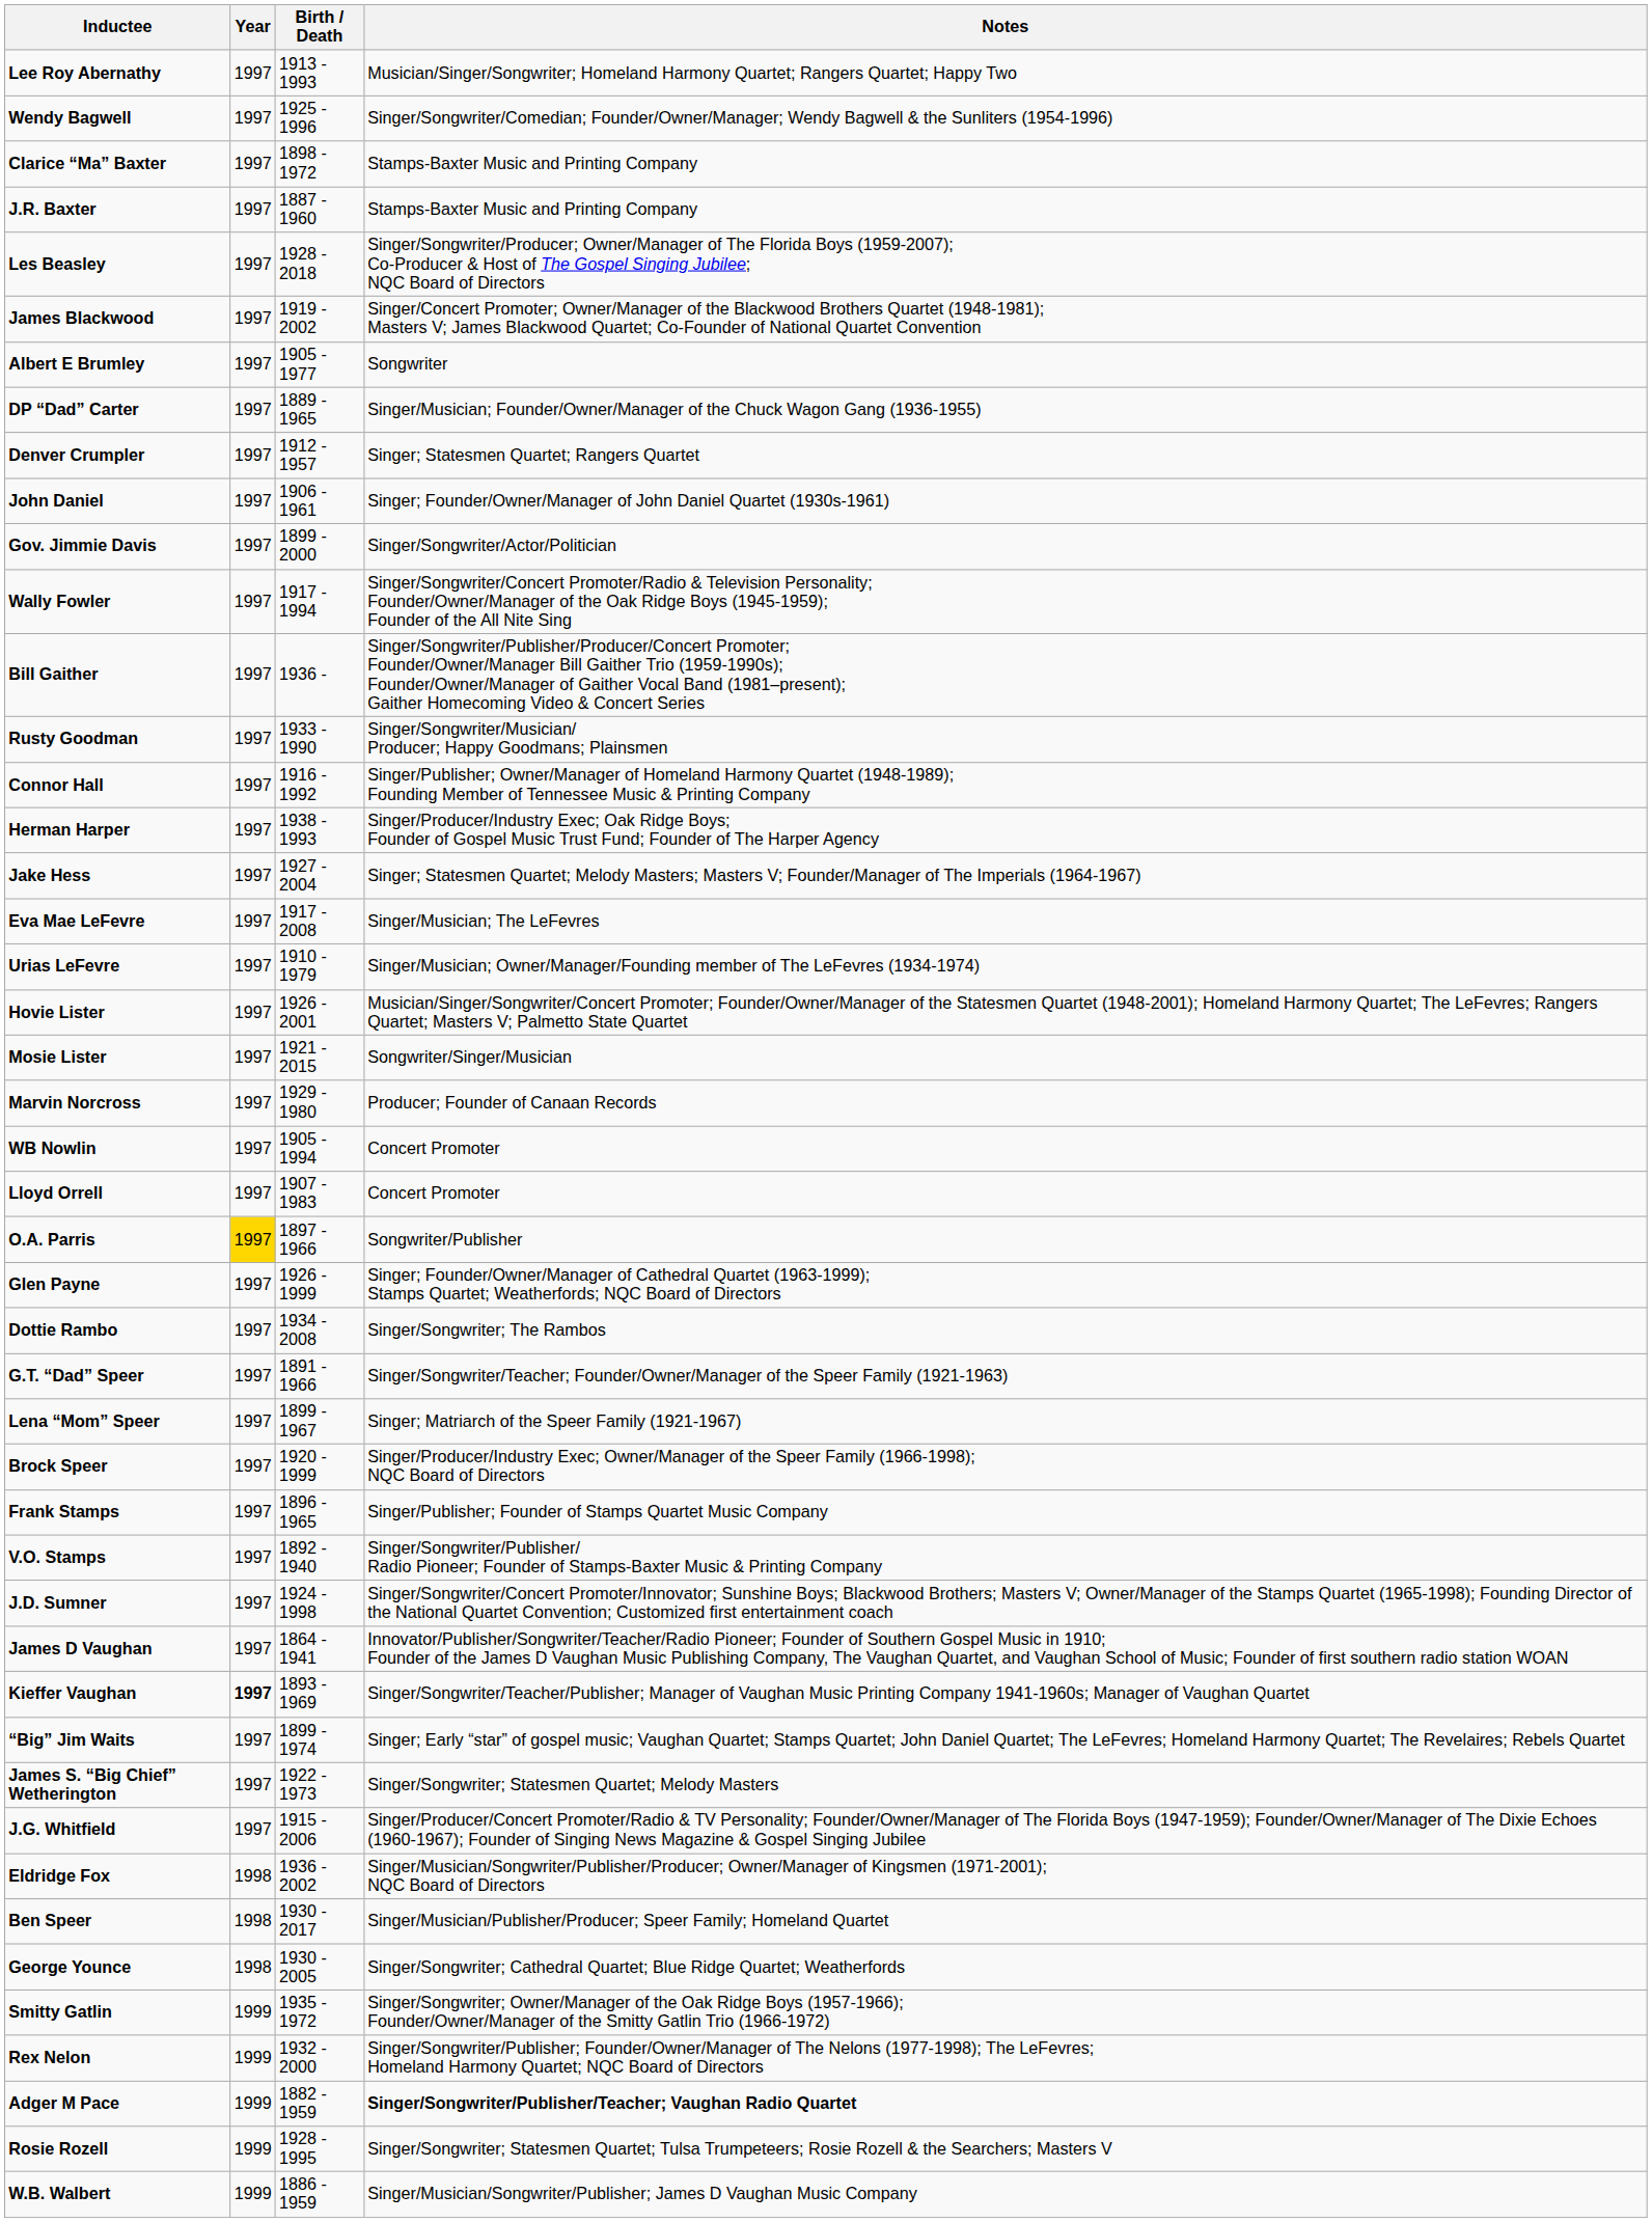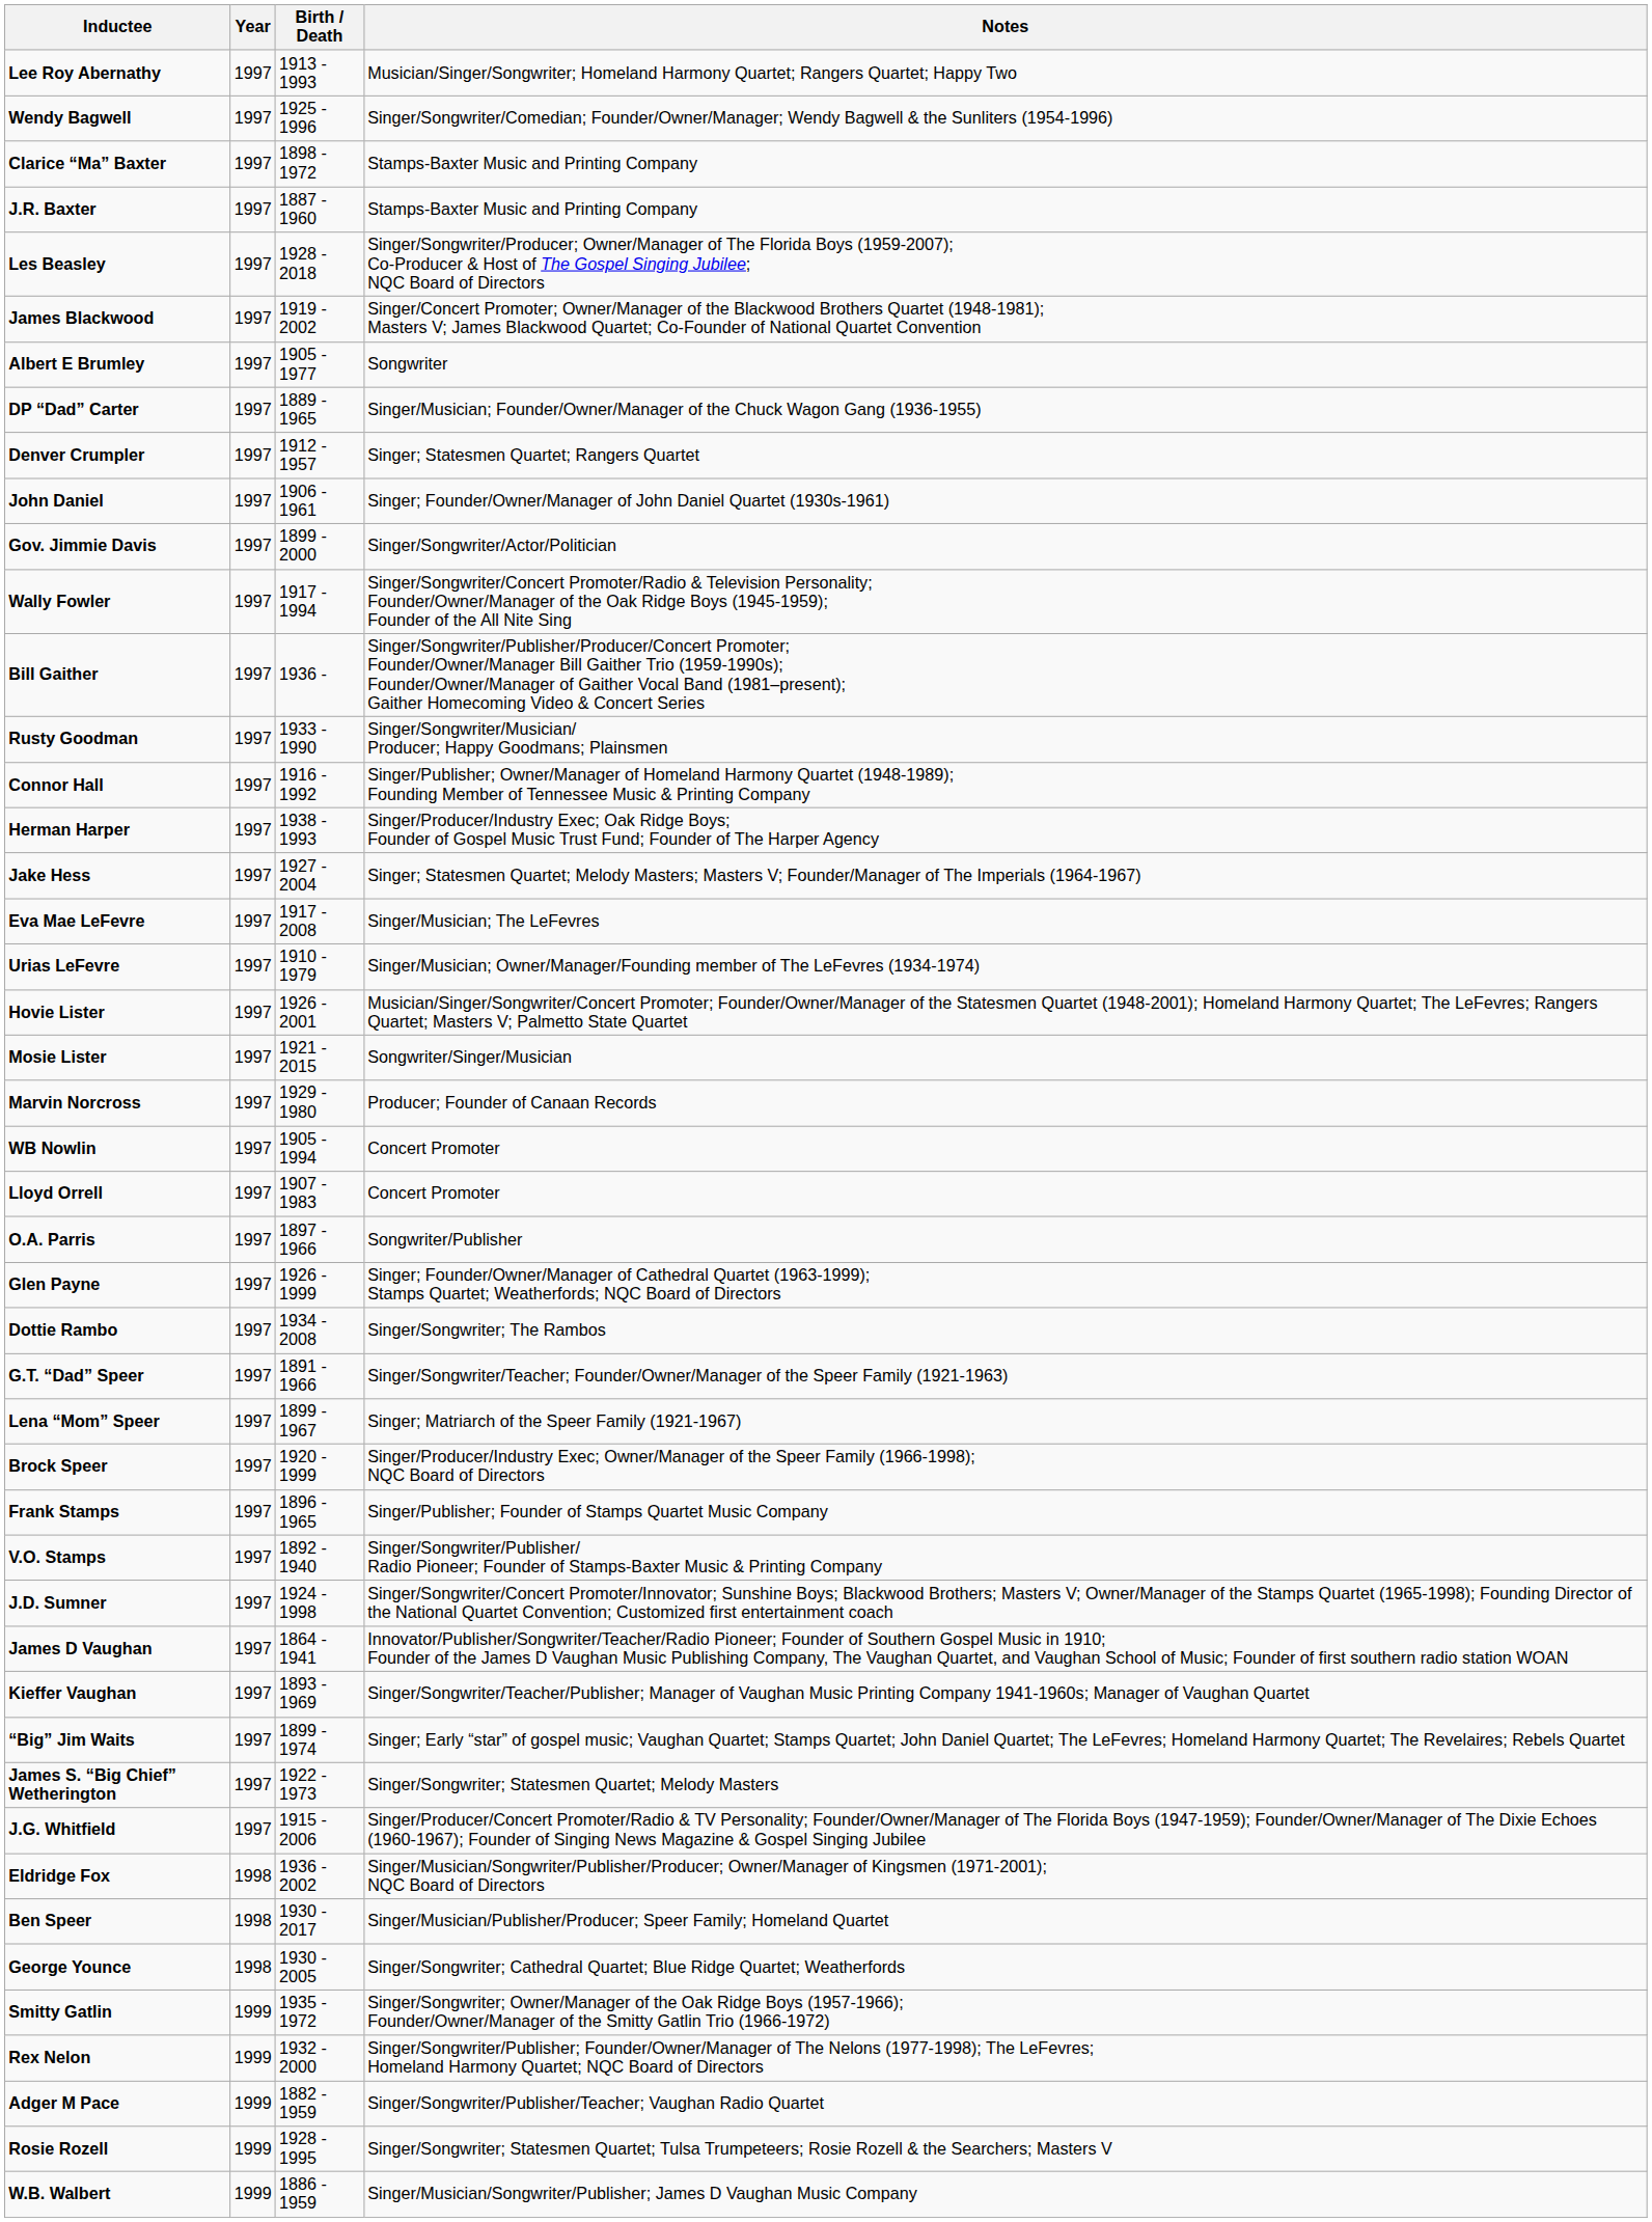 <table class="wikitable">
 <tr>
 <th>Inductee</th>
 <th>Year</th>
 <th colspan="2">Birth / Death</th>
 <th>Notes</th>
 </tr>
 <tr>
 <td><strong>Lee Roy Abernathy</strong></td>
 <td>1997</td>
 <td colspan="2">1913 - 1993</td>
 <td>Musician/Singer/Songwriter; Homeland Harmony Quartet; Rangers Quartet; Happy Two</td>
 </tr>
 <tr>
 <td><strong>Wendy Bagwell</strong></td>
 <td>1997</td>
 <td colspan="2">1925 - 1996</td>
 <td>Singer/Songwriter/Comedian; Founder/Owner/Manager; Wendy Bagwell & the Sunliters (1954-1996)</td>
 </tr>
 <tr>
 <td><strong>Clarice “Ma” Baxter</strong></td>
 <td>1997</td>
 <td colspan="2">1898 - 1972</td>
 <td>Stamps-Baxter Music and Printing Company</td>
 </tr>
 <tr>
 <td><strong>J.R. Baxter</strong></td>
 <td>1997</td>
 <td colspan="2">1887 - 1960</td>
 <td>Stamps-Baxter Music and Printing Company</td>
 </tr>
 <tr>
 <td><strong>Les Beasley</strong></td>
 <td>1997</td>
 <td colspan="2">1928 - 2018</td>
 <td>Singer/Songwriter/Producer; Owner/Manager of The Florida Boys (1959-2007);<br>Co-Producer & Host of <em><a href='#'>The Gospel Singing Jubilee</a></em>;<br>NQC Board of Directors</td>
 </tr>
 <tr>
 <td><strong>James Blackwood</strong></td>
 <td>1997</td>
 <td colspan="2">1919 - 2002</td>
 <td>Singer/Concert Promoter; Owner/Manager of the Blackwood Brothers Quartet (1948-1981);<br>Masters V; James Blackwood Quartet; Co-Founder of National Quartet Convention</td>
 </tr>
 <tr>
 <td><strong>Albert E Brumley</strong></td>
 <td>1997</td>
 <td colspan="2">1905 - 1977</td>
 <td>Songwriter</td>
 </tr>
 <tr>
 <td><strong>DP “Dad” Carter</strong></td>
 <td>1997</td>
 <td colspan="2">1889 - 1965</td>
 <td>Singer/Musician; Founder/Owner/Manager of the Chuck Wagon Gang (1936-1955)</td>
 </tr>
 <tr>
 <td><strong>Denver Crumpler</strong></td>
 <td>1997</td>
 <td colspan="2">1912 - 1957</td>
 <td>Singer; Statesmen Quartet; Rangers Quartet</td>
 </tr>
 <tr>
 <td><strong>John Daniel</strong></td>
 <td>1997</td>
 <td colspan="2">1906 - 1961</td>
 <td>Singer; Founder/Owner/Manager of John Daniel Quartet (1930s-1961)</td>
 </tr>
 <tr>
 <td><strong>Gov. Jimmie Davis</strong></td>
 <td>1997</td>
 <td colspan="2">1899 - 2000</td>
 <td>Singer/Songwriter/Actor/Politician</td>
 </tr>
 <tr>
 <td><strong>Wally Fowler</strong></td>
 <td>1997</td>
 <td colspan="2">1917 - 1994</td>
 <td>Singer/Songwriter/Concert Promoter/Radio & Television Personality;<br>Founder/Owner/Manager of the Oak Ridge Boys (1945-1959);<br>Founder of the All Nite Sing</td>
 </tr>
 <tr>
 <td><strong>Bill Gaither</strong></td>
 <td>1997</td>
 <td colspan="2">1936 -</td>
 <td>Singer/Songwriter/Publisher/Producer/Concert Promoter;<br>Founder/Owner/Manager Bill Gaither Trio (1959-1990s);<br>Founder/Owner/Manager of Gaither Vocal Band (1981–present);<br>Gaither Homecoming Video & Concert Series</td>
 </tr>
 <tr>
 <td><strong>Rusty Goodman</strong></td>
 <td>1997</td>
 <td colspan="2">1933 - 1990</td>
 <td>Singer/Songwriter/Musician/<br>Producer; Happy Goodmans; Plainsmen</td>
 </tr>
 <tr>
 <td><strong>Connor Hall</strong></td>
 <td>1997</td>
 <td colspan="2">1916 - 1992</td>
 <td>Singer/Publisher; Owner/Manager of Homeland Harmony Quartet (1948-1989);<br>Founding Member of Tennessee Music & Printing Company</td>
 </tr>
 <tr>
 <td><strong>Herman Harper</strong></td>
 <td>1997</td>
 <td colspan="2">1938 - 1993</td>
 <td>Singer/Producer/Industry Exec; Oak Ridge Boys;<br>Founder of Gospel Music Trust Fund; Founder of The Harper Agency</td>
 </tr>
 <tr>
 <td><strong>Jake Hess</strong></td>
 <td>1997</td>
 <td colspan="2">1927 - 2004</td>
 <td>Singer; Statesmen Quartet; Melody Masters; Masters V; Founder/Manager of The Imperials (1964-1967)</td>
 </tr>
 <tr>
 <td><strong>Eva Mae LeFevre</strong></td>
 <td>1997</td>
 <td colspan="2">1917 - 2008</td>
 <td>Singer/Musician; The LeFevres</td>
 </tr>
 <tr>
 <td><strong>Urias LeFevre</strong></td>
 <td>1997</td>
 <td colspan="2">1910 - 1979</td>
 <td>Singer/Musician; Owner/Manager/Founding member of The LeFevres (1934-1974)</td>
 </tr>
 <tr>
 <td><strong>Hovie Lister</strong></td>
 <td>1997</td>
 <td colspan="2">1926 - 2001</td>
 <td>Musician/Singer/Songwriter/Concert Promoter; Founder/Owner/Manager of the Statesmen Quartet (1948-2001); Homeland Harmony Quartet; The LeFevres; Rangers Quartet; Masters V; Palmetto State Quartet</td>
 </tr>
 <tr>
 <td><strong>Mosie Lister</strong></td>
 <td>1997</td>
 <td colspan="2">1921 - 2015</td>
 <td>Songwriter/Singer/Musician</td>
 </tr>
 <tr>
 <td><strong>Marvin Norcross</strong></td>
 <td>1997</td>
 <td colspan="2">1929 - 1980</td>
 <td>Producer; Founder of Canaan Records</td>
 </tr>
 <tr>
 <td><strong>WB Nowlin</strong></td>
 <td>1997</td>
 <td colspan="2">1905 - 1994</td>
 <td>Concert Promoter</td>
 </tr>
 <tr>
 <td><strong>Lloyd Orrell</strong></td>
 <td>1997</td>
 <td colspan="2">1907 - 1983</td>
 <td>Concert Promoter</td>
 </tr>
 <tr>
 <td><strong>O.A. Parris</strong></td>
-<td style="background: gold;">1997</td>
+<td>1997</td>
 <td colspan="2">1897 - 1966</td>
 <td>Songwriter/Publisher</td>
 </tr>
 <tr>
 <td><strong>Glen Payne</strong></td>
 <td>1997</td>
 <td colspan="2">1926 - 1999</td>
 <td>Singer; Founder/Owner/Manager of Cathedral Quartet (1963-1999);<br>Stamps Quartet; Weatherfords; NQC Board of Directors</td>
 </tr>
 <tr>
 <td><strong>Dottie Rambo</strong></td>
 <td>1997</td>
 <td colspan="2">1934 - 2008</td>
 <td>Singer/Songwriter; The Rambos</td>
 </tr>
 <tr>
 <td><strong>G.T. “Dad” Speer</strong></td>
 <td>1997</td>
 <td colspan="2">1891 - 1966</td>
 <td>Singer/Songwriter/Teacher; Founder/Owner/Manager of the Speer Family (1921-1963)</td>
 </tr>
 <tr>
 <td><strong>Lena “Mom” Speer</strong></td>
 <td>1997</td>
 <td colspan="2">1899 - 1967</td>
 <td>Singer; Matriarch of the Speer Family (1921-1967)</td>
 </tr>
 <tr>
 <td><strong>Brock Speer</strong></td>
 <td>1997</td>
 <td colspan="2">1920 - 1999</td>
 <td>Singer/Producer/Industry Exec; Owner/Manager of the Speer Family (1966-1998);<br>NQC Board of Directors</td>
 </tr>
 <tr>
 <td><strong>Frank Stamps</strong></td>
 <td>1997</td>
 <td colspan="2">1896 - 1965</td>
 <td>Singer/Publisher; Founder of Stamps Quartet Music Company</td>
 </tr>
 <tr>
 <td><strong>V.O. Stamps</strong></td>
 <td>1997</td>
 <td colspan="2">1892 - 1940</td>
 <td>Singer/Songwriter/Publisher/<br>Radio Pioneer; Founder of Stamps-Baxter Music & Printing Company</td>
 </tr>
 <tr>
 <td><strong>J.D. Sumner</strong></td>
 <td>1997</td>
 <td colspan="2">1924 - 1998</td>
 <td>Singer/Songwriter/Concert Promoter/Innovator; Sunshine Boys; Blackwood Brothers; Masters V; Owner/Manager of the Stamps Quartet (1965-1998); Founding Director of the National Quartet Convention; Customized first entertainment coach</td>
 </tr>
 <tr>
 <td><strong>James D Vaughan</strong></td>
 <td>1997</td>
 <td colspan="2">1864 - 1941</td>
 <td>Innovator/Publisher/Songwriter/Teacher/Radio Pioneer; Founder of Southern Gospel Music in 1910;<br>Founder of the James D Vaughan Music Publishing Company, The Vaughan Quartet, and Vaughan School of Music; Founder of first southern radio station WOAN</td>
 </tr>
 <tr>
 <td><strong>Kieffer Vaughan</strong></td>
-<td><strong>1997</strong></td>
+<td>1997</td>
 <td colspan="2">1893 - 1969</td>
 <td>Singer/Songwriter/Teacher/Publisher; Manager of Vaughan Music Printing Company 1941-1960s; Manager of Vaughan Quartet</td>
 </tr>
 <tr>
 <td><strong>“Big” Jim Waits</strong></td>
 <td>1997</td>
 <td colspan="2">1899 - 1974</td>
 <td>Singer; Early “star” of gospel music; Vaughan Quartet; Stamps Quartet; John Daniel Quartet; The LeFevres; Homeland Harmony Quartet; The Revelaires; Rebels Quartet</td>
 </tr>
 <tr>
 <td><strong>James S. “Big Chief” Wetherington</strong></td>
 <td>1997</td>
 <td colspan="2">1922 - 1973</td>
 <td>Singer/Songwriter; Statesmen Quartet; Melody Masters</td>
 </tr>
 <tr>
 <td><strong>J.G. Whitfield</strong></td>
 <td>1997</td>
 <td colspan="2">1915 - 2006</td>
 <td>Singer/Producer/Concert Promoter/Radio & TV Personality; Founder/Owner/Manager of The Florida Boys (1947-1959); Founder/Owner/Manager of The Dixie Echoes (1960-1967); Founder of Singing News Magazine & Gospel Singing Jubilee</td>
 </tr>
 <tr>
 <td><strong>Eldridge Fox</strong></td>
 <td>1998</td>
 <td colspan="2">1936 - 2002</td>
 <td>Singer/Musician/Songwriter/Publisher/Producer; Owner/Manager of Kingsmen (1971-2001);<br>NQC Board of Directors</td>
 </tr>
 <tr>
 <td><strong>Ben Speer</strong></td>
 <td>1998</td>
 <td colspan="2">1930 - 2017</td>
 <td>Singer/Musician/Publisher/Producer; Speer Family; Homeland Quartet</td>
 </tr>
 <tr>
 <td><strong>George Younce</strong></td>
 <td>1998</td>
 <td colspan="2">1930 - 2005</td>
 <td>Singer/Songwriter; Cathedral Quartet; Blue Ridge Quartet; Weatherfords</td>
 </tr>
 <tr>
 <td><strong>Smitty Gatlin</strong></td>
 <td>1999</td>
 <td colspan="2">1935 - 1972</td>
 <td>Singer/Songwriter; Owner/Manager of the Oak Ridge Boys (1957-1966);<br>Founder/Owner/Manager of the Smitty Gatlin Trio (1966-1972)</td>
 </tr>
 <tr>
 <td><strong>Rex Nelon</strong></td>
 <td>1999</td>
 <td colspan="2">1932 - 2000</td>
 <td>Singer/Songwriter/Publisher; Founder/Owner/Manager of The Nelons (1977-1998); The LeFevres;<br>Homeland Harmony Quartet; NQC Board of Directors</td>
 </tr>
 <tr>
 <td><strong>Adger M Pace</strong></td>
 <td>1999</td>
 <td colspan="2">1882 - 1959</td>
-<td><strong>Singer/Songwriter/Publisher/Teacher; Vaughan Radio Quartet</strong></td>
+<td>Singer/Songwriter/Publisher/Teacher; Vaughan Radio Quartet</td>
 </tr>
 <tr>
 <td><strong>Rosie Rozell</strong></td>
 <td>1999</td>
 <td colspan="2">1928 - 1995</td>
 <td>Singer/Songwriter; Statesmen Quartet; Tulsa Trumpeteers; Rosie Rozell & the Searchers; Masters V</td>
 </tr>
 <tr>
 <td><strong>W.B. Walbert</strong></td>
 <td>1999</td>
 <td colspan="2">1886 - 1959</td>
 <td>Singer/Musician/Songwriter/Publisher; James D Vaughan Music Company</td>
 </tr>
 </table>
